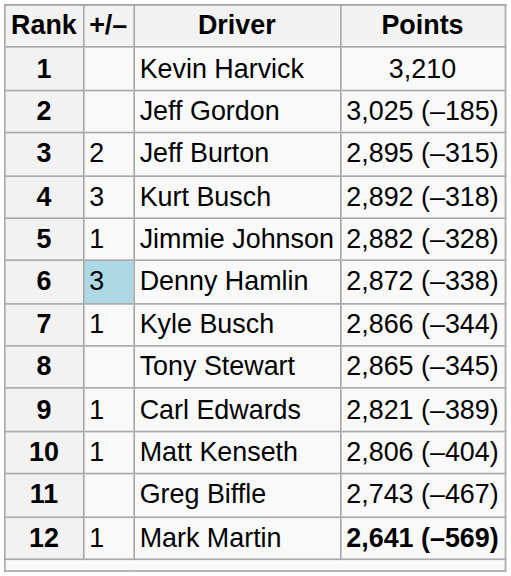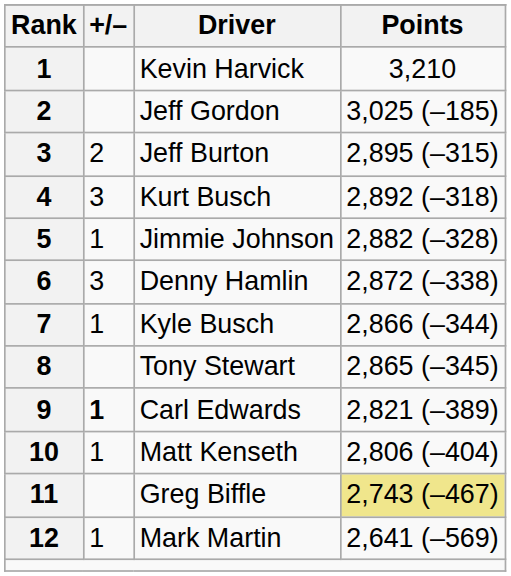 <table class="wikitable">
 <tr>
 </tr>
 <tr>
 <th scope="col">Rank</th>
 <th scope="col">+/–</th>
 <th scope="col">Driver</th>
 <th scope="col">Points</th>
 </tr>
 <tr>
 <th scope="row">1</th>
 <td align="left"></td>
 <td>Kevin Harvick</td>
 <td style="text-align:center;">3,210</td>
 </tr>
 <tr>
 <th scope="row">2</th>
 <td align="left"></td>
 <td>Jeff Gordon</td>
 <td style="text-align:center;">3,025 (–185)</td>
 </tr>
 <tr>
 <th scope="row">3</th>
 <td align="left"> 2</td>
 <td>Jeff Burton</td>
 <td style="text-align:center;">2,895 (–315)</td>
 </tr>
 <tr>
 <th scope="row">4</th>
 <td align="left"> 3</td>
 <td>Kurt Busch</td>
 <td style="text-align:center;">2,892 (–318)</td>
 </tr>
 <tr>
 <th scope="row">5</th>
 <td align="left"> 1</td>
 <td>Jimmie Johnson</td>
 <td style="text-align:center;">2,882 (–328)</td>
 </tr>
 <tr>
 <th scope="row">6</th>
-<td align="left" style="background: lightblue;"> 3</td>
+<td align="left"> 3</td>
 <td>Denny Hamlin</td>
 <td style="text-align:center;">2,872 (–338)</td>
 </tr>
 <tr>
 <th scope="row">7</th>
 <td align="left"> 1</td>
 <td>Kyle Busch</td>
 <td style="text-align:center;">2,866 (–344)</td>
 </tr>
 <tr>
 <th scope="row">8</th>
 <td align="left"></td>
 <td>Tony Stewart</td>
 <td style="text-align:center;">2,865 (–345)</td>
 </tr>
 <tr>
 <th scope="row">9</th>
-<td align="left"> 1</td>
+<td align="left"><strong> 1</strong></td>
 <td>Carl Edwards</td>
 <td style="text-align:center;">2,821 (–389)</td>
 </tr>
 <tr>
 <th scope="row">10</th>
 <td align="left"> 1</td>
 <td>Matt Kenseth</td>
 <td style="text-align:center;">2,806 (–404)</td>
 </tr>
 <tr>
 <th scope="row">11</th>
 <td align="left"></td>
 <td>Greg Biffle</td>
-<td style="text-align:center;">2,743 (–467)</td>
+<td style="background: khaki; text-align:center;">2,743 (–467)</td>
 </tr>
 <tr>
 <th scope="row">12</th>
 <td align="left"> 1</td>
 <td>Mark Martin</td>
-<td style="text-align:center;"><strong>2,641 (–569)</strong></td>
+<td style="text-align:center;">2,641 (–569)</td>
 </tr>
 <tr class="sortbottom">
 <td colspan="9"></td>
 </tr>
 </table>
